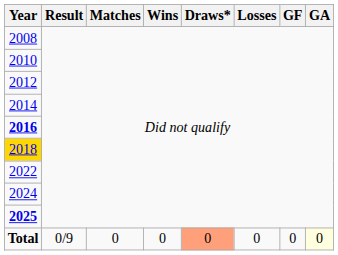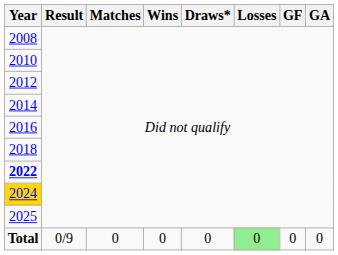 <table class="wikitable" style="text-align: center;">
 <tr>
 <th>Year</th>
 <th>Result</th>
 <th>Matches</th>
 <th>Wins</th>
 <th>Draws*</th>
 <th>Losses</th>
 <th>GF</th>
 <th>GA</th>
 </tr>
 <tr>
 <td> <a href='#'>2008</a></td>
 <td colspan=7 rowspan=9><em>Did not qualify</em></td>
 </tr>
 <tr>
 <td> <a href='#'>2010</a></td>
 </tr>
 <tr>
 <td> <a href='#'>2012</a></td>
 </tr>
 <tr>
 <td> <a href='#'>2014</a></td>
 </tr>
 <tr>
-<td><strong> <a href='#'>2016</a></strong></td>
+<td> <a href='#'>2016</a></td>
 </tr>
 <tr>
-<td style="background: gold;"> <a href='#'>2018</a></td>
+<td> <a href='#'>2018</a></td>
 </tr>
 <tr>
-<td> <a href='#'>2022</a></td>
+<td><strong> <a href='#'>2022</a></strong></td>
 </tr>
 <tr>
-<td> <a href='#'>2024</a></td>
+<td style="background: gold;"> <a href='#'>2024</a></td>
 </tr>
 <tr>
-<td><strong> <a href='#'>2025</a></strong></td>
+<td> <a href='#'>2025</a></td>
 </tr>
 <tr>
 <td><strong>Total</strong></td>
 <td>0/9</td>
 <td>0</td>
 <td>0</td>
-<td style="background: lightsalmon;">0</td>
+<td>0</td>
+<td style="background: lightgreen;">0</td>
 <td>0</td>
 <td>0</td>
-<td style="background: lightyellow;">0</td>
 </tr>
 </table>
